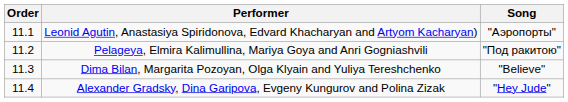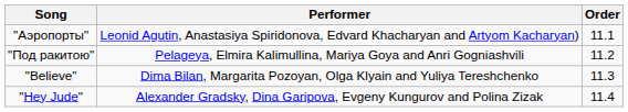 <table class="wikitable sortable" style="text-align: center; width: auto;">
 <tr>
+<th>Song</th>
+<th>Performer</th>
 <th>Order</th>
-<th>Performer</th>
-<th>Song</th>
 </tr>
 <tr>
+<td>"Аэропорты"</td>
+<td><a href='#'>Leonid Agutin</a>, Anastasiya Spiridonova, Edvard Khacharyan and <a href='#'>Artyom Kacharyan</a>)</td>
 <td>11.1</td>
-<td><a href='#'>Leonid Agutin</a>, Anastasiya Spiridonova, Edvard Khacharyan and <a href='#'>Artyom Kacharyan</a>)</td>
-<td>"Аэропорты"</td>
 </tr>
 <tr>
+<td>"Под ракитою"</td>
+<td><a href='#'>Pelageya</a>, Elmira Kalimullina, Mariya Goya and Anri Gogniashvili</td>
 <td>11.2</td>
-<td><a href='#'>Pelageya</a>, Elmira Kalimullina, Mariya Goya and Anri Gogniashvili</td>
-<td>"Под ракитою"</td>
 </tr>
 <tr>
+<td>"Believe"</td>
+<td><a href='#'>Dima Bilan</a>, Margarita Pozoyan, Olga Klyain and Yuliya Tereshchenko</td>
 <td>11.3</td>
-<td><a href='#'>Dima Bilan</a>, Margarita Pozoyan, Olga Klyain and Yuliya Tereshchenko</td>
-<td>"Believe"</td>
 </tr>
 <tr>
+<td>"<a href='#'>Hey Jude</a>"</td>
+<td><a href='#'>Alexander Gradsky</a>, <a href='#'>Dina Garipova</a>, Evgeny Kungurov and Polina Zizak</td>
 <td>11.4</td>
-<td><a href='#'>Alexander Gradsky</a>, <a href='#'>Dina Garipova</a>, Evgeny Kungurov and Polina Zizak</td>
-<td>"<a href='#'>Hey Jude</a>"</td>
 </tr>
 </table>
